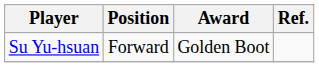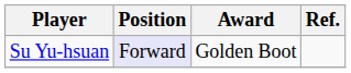 <table class="wikitable">
 <tr>
 <th>Player</th>
 <th>Position</th>
 <th>Award</th>
 <th>Ref.</th>
 </tr>
 <tr>
 <td> <a href='#'>Su Yu-hsuan</a></td>
-<td align="center">Forward</td>
+<td align="center" style="background: lavender;">Forward</td>
 <td align="center">Golden Boot</td>
 <td align="center"></td>
 </tr>
 <tr>
 </tr>
 </table>
